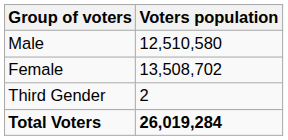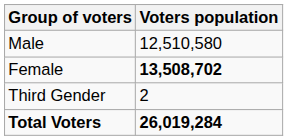 <table class="wikitable" |>
 <tr>
 <th>Group of voters</th>
 <th>Voters population</th>
 </tr>
 <tr>
 <td>Male</td>
 <td>12,510,580</td>
 </tr>
 <tr>
 <td>Female</td>
-<td>13,508,702</td>
+<td><strong>13,508,702</strong></td>
 </tr>
 <tr>
 <td>Third Gender</td>
 <td>2</td>
 </tr>
 <tr>
 <td><strong>Total Voters</strong></td>
 <td><strong>26,019,284</strong></td>
 </tr>
 </table>
